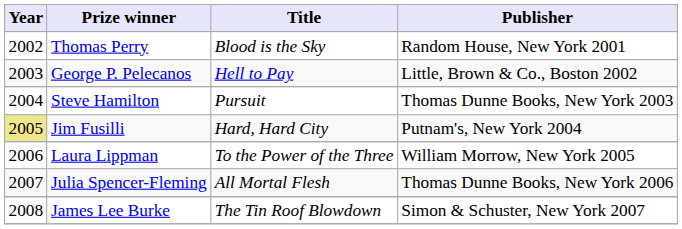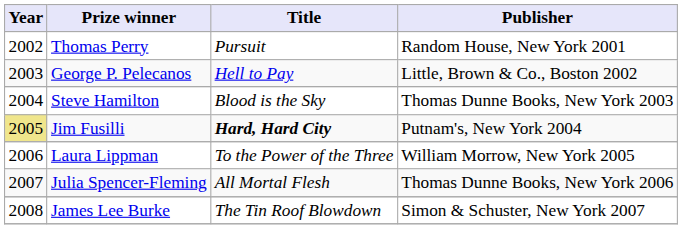 <table class="wikitable">
 <tr bgcolor=#E6E6FA>
 <td align="center"><strong>Year</strong></td>
 <td align="center"><strong>Prize winner</strong></td>
 <td align="center"><strong>Title</strong></td>
 <td align="center"><strong>Publisher</strong></td>
 </tr>
 <tr>
 </tr>
 <tr bgcolor=#ffffff>
 <td>2002</td>
 <td><a href='#'>Thomas Perry</a></td>
-<td><em>Blood is the Sky</em></td>
+<td><em>Pursuit</em></td>
 <td>Random House, New York 2001</td>
 </tr>
 <tr>
 <td>2003</td>
 <td><a href='#'>George P. Pelecanos</a></td>
 <td><em><a href='#'>Hell to Pay</a></em></td>
 <td>Little, Brown & Co., Boston 2002</td>
 </tr>
 <tr>
 </tr>
 <tr bgcolor=#ffffff>
 <td>2004</td>
 <td><a href='#'>Steve Hamilton</a></td>
-<td><em>Pursuit</em></td>
+<td><em>Blood is the Sky</em></td>
 <td>Thomas Dunne Books, New York 2003</td>
 </tr>
 <tr>
 <td style="background: khaki;">2005</td>
 <td><a href='#'>Jim Fusilli</a></td>
-<td><em>Hard, Hard City</em></td>
+<td><strong><em>Hard, Hard City</em></strong></td>
 <td>Putnam's, New York 2004</td>
 </tr>
 <tr>
 </tr>
 <tr bgcolor=#ffffff>
 <td>2006</td>
 <td><a href='#'>Laura Lippman</a></td>
 <td><em>To the Power of the Three</em></td>
 <td>William Morrow, New York 2005</td>
 </tr>
 <tr>
 <td>2007</td>
 <td><a href='#'>Julia Spencer-Fleming</a></td>
 <td><em>All Mortal Flesh</em></td>
 <td>Thomas Dunne Books, New York 2006</td>
 </tr>
 <tr>
 </tr>
 <tr bgcolor=#ffffff>
 <td>2008</td>
 <td><a href='#'>James Lee Burke</a></td>
 <td><em>The Tin Roof Blowdown</em></td>
 <td>Simon & Schuster, New York 2007</td>
 </tr>
 <tr>
 </tr>
 </table>
